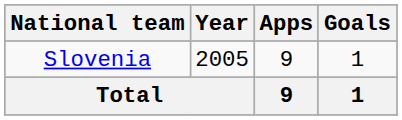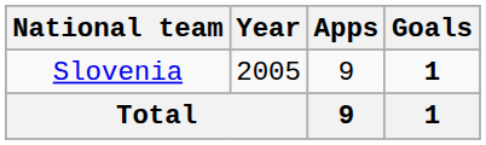 <table class="wikitable" style="text-align:center">
 <tr>
 <th>National team</th>
 <th>Year</th>
 <th>Apps</th>
 <th>Goals</th>
 </tr>
 <tr>
 <td><a href='#'>Slovenia</a></td>
 <td>2005</td>
 <td>9</td>
-<td>1</td>
+<td><strong>1</strong></td>
 </tr>
 <tr>
 <th colspan="2">Total</th>
 <th>9</th>
 <th>1</th>
 </tr>
 </table>
